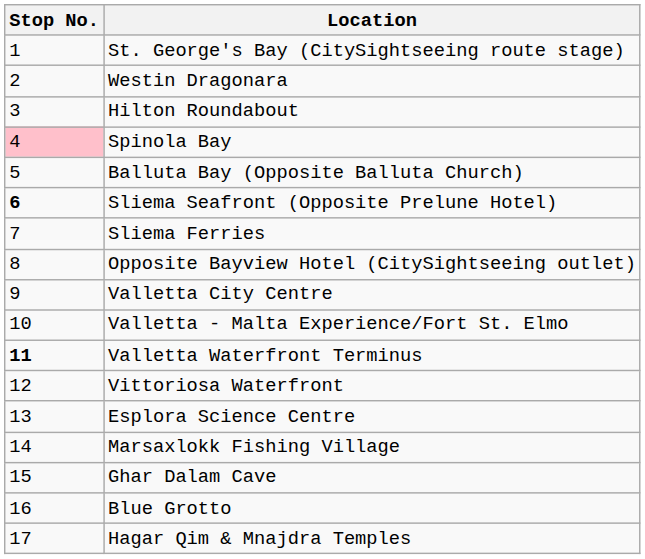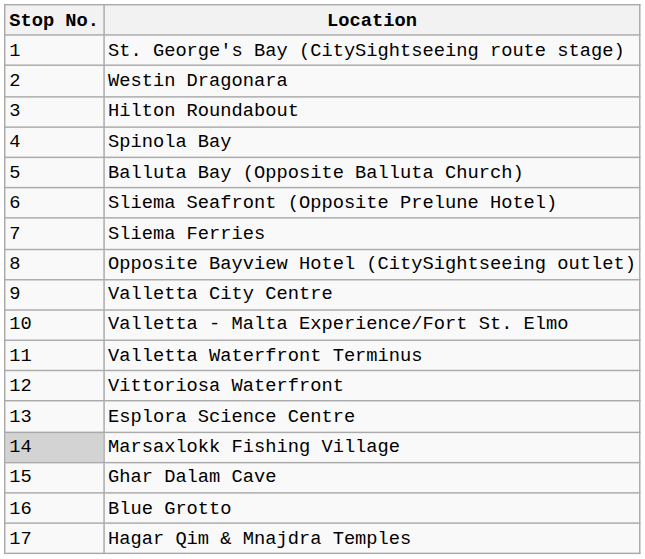 <table class="wikitable sortable">
 <tr>
 <th>Stop No.</th>
 <th>Location</th>
 </tr>
 <tr>
 <td>1</td>
 <td>St. George's Bay (CitySightseeing route stage)</td>
 </tr>
 <tr>
 <td>2</td>
 <td>Westin Dragonara</td>
 </tr>
 <tr>
 <td>3</td>
 <td>Hilton Roundabout</td>
 </tr>
 <tr>
-<td style="background: pink;">4</td>
+<td>4</td>
 <td>Spinola Bay</td>
 </tr>
 <tr>
 <td>5</td>
 <td>Balluta Bay (Opposite Balluta Church)</td>
 </tr>
 <tr>
-<td><strong>6</strong></td>
+<td>6</td>
 <td>Sliema Seafront (Opposite Prelune Hotel)</td>
 </tr>
 <tr>
 <td>7</td>
 <td>Sliema Ferries</td>
 </tr>
 <tr>
 <td>8</td>
 <td>Opposite Bayview Hotel (CitySightseeing outlet)</td>
 </tr>
 <tr>
 <td>9</td>
 <td>Valletta City Centre</td>
 </tr>
 <tr>
 <td>10</td>
 <td>Valletta - Malta Experience/Fort St. Elmo</td>
 </tr>
 <tr>
-<td><strong>11</strong></td>
+<td>11</td>
 <td>Valletta Waterfront Terminus</td>
 </tr>
 <tr>
 <td>12</td>
 <td>Vittoriosa Waterfront</td>
 </tr>
 <tr>
 <td>13</td>
 <td>Esplora Science Centre</td>
 </tr>
 <tr>
-<td>14</td>
+<td style="background: lightgrey;">14</td>
 <td>Marsaxlokk Fishing Village</td>
 </tr>
 <tr>
 <td>15</td>
 <td>Ghar Dalam Cave</td>
 </tr>
 <tr>
 <td>16</td>
 <td>Blue Grotto</td>
 </tr>
 <tr>
 <td>17</td>
 <td>Hagar Qim & Mnajdra Temples</td>
 </tr>
 </table>
